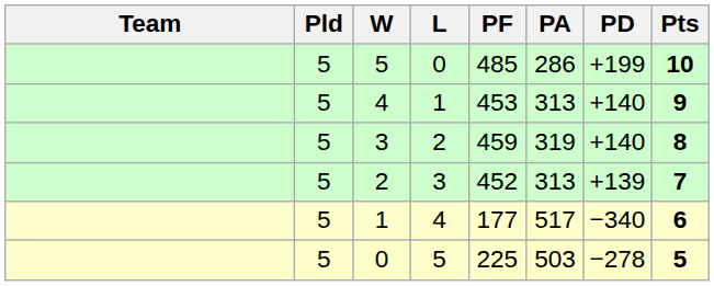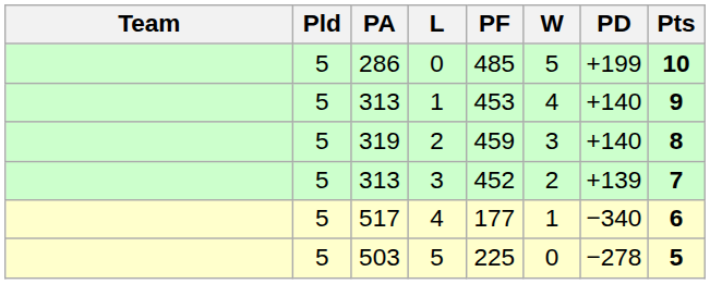 <table class=wikitable style="text-align:center">
 <tr>
 <th width=180>Team</th>
 <th width=30>Pld</th>
-<th width=30>W</th>
+<th width=30>PA</th>
 <th width=30>L</th>
 <th width=30>PF</th>
-<th width=30>PA</th>
+<th width=30>W</th>
 <th width=30>PD</th>
 <th width=30>Pts</th>
 </tr>
 <tr align=center bgcolor="#ccffcc">
 <td align=left></td>
 <td>5</td>
-<td>5</td>
+<td>286</td>
 <td>0</td>
 <td>485</td>
-<td>286</td>
+<td>5</td>
 <td>+199</td>
 <td><strong>10</strong></td>
 </tr>
 <tr align=center bgcolor="#ccffcc">
 <td align=left></td>
 <td>5</td>
-<td>4</td>
+<td>313</td>
 <td>1</td>
 <td>453</td>
-<td>313</td>
+<td>4</td>
 <td>+140</td>
 <td><strong>9</strong></td>
 </tr>
 <tr align=center bgcolor="#ccffcc">
 <td align=left></td>
 <td>5</td>
-<td>3</td>
+<td>319</td>
 <td>2</td>
 <td>459</td>
-<td>319</td>
+<td>3</td>
 <td>+140</td>
 <td><strong>8</strong></td>
 </tr>
 <tr align=center bgcolor="#ccffcc">
 <td align=left></td>
 <td>5</td>
-<td>2</td>
+<td>313</td>
 <td>3</td>
 <td>452</td>
-<td>313</td>
+<td>2</td>
 <td>+139</td>
 <td><strong>7</strong></td>
 </tr>
 <tr align=center bgcolor="#ffffcc">
 <td align=left></td>
 <td>5</td>
-<td>1</td>
+<td>517</td>
 <td>4</td>
 <td>177</td>
-<td>517</td>
+<td>1</td>
 <td>−340</td>
 <td><strong>6</strong></td>
 </tr>
 <tr align=center bgcolor="#ffffcc">
 <td align=left></td>
 <td>5</td>
-<td>0</td>
+<td>503</td>
 <td>5</td>
 <td>225</td>
-<td>503</td>
+<td>0</td>
 <td>−278</td>
 <td><strong>5</strong></td>
 </tr>
 </table>
